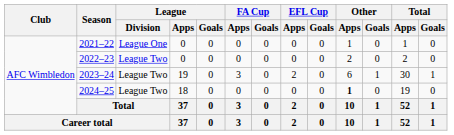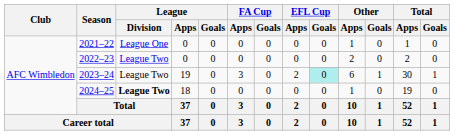 <table class="wikitable" style="text-align: center;">
 <tr>
 <th rowspan="2">Club</th>
 <th rowspan="2">Season</th>
 <th colspan="3">League</th>
 <th colspan="2"><a href='#'>FA Cup</a></th>
 <th colspan="2"><a href='#'>EFL Cup</a></th>
 <th colspan="2">Other</th>
 <th colspan="2">Total</th>
 </tr>
 <tr>
 <th>Division</th>
 <th>Apps</th>
 <th>Goals</th>
 <th>Apps</th>
 <th>Goals</th>
 <th>Apps</th>
 <th>Goals</th>
 <th>Apps</th>
 <th>Goals</th>
 <th>Apps</th>
 <th>Goals</th>
 </tr>
 <tr>
 <td rowspan="5"><a href='#'>AFC Wimbledon</a></td>
 <td><a href='#'>2021–22</a></td>
 <td><a href='#'>League One</a></td>
 <td>0</td>
 <td>0</td>
 <td>0</td>
 <td>0</td>
 <td>0</td>
 <td>0</td>
 <td>1</td>
 <td>0</td>
 <td>1</td>
 <td>0</td>
 </tr>
 <tr>
 <td><a href='#'>2022–23</a></td>
 <td><a href='#'>League Two</a></td>
 <td>0</td>
 <td>0</td>
 <td>0</td>
 <td>0</td>
 <td>0</td>
 <td>0</td>
 <td>2</td>
 <td>0</td>
 <td>2</td>
 <td>0</td>
 </tr>
 <tr>
 <td><a href='#'>2023–24</a></td>
 <td>League Two</td>
 <td>19</td>
 <td>0</td>
 <td>3</td>
 <td>0</td>
 <td>2</td>
-<td>0</td>
+<td style="background: paleturquoise;">0</td>
 <td>6</td>
 <td>1</td>
 <td>30</td>
 <td>1</td>
 </tr>
 <tr>
 <td><a href='#'>2024–25</a></td>
-<td>League Two</td>
+<td><strong>League Two</strong></td>
 <td>18</td>
 <td>0</td>
 <td>0</td>
 <td>0</td>
 <td>0</td>
 <td>0</td>
-<td><strong>1</strong></td>
+<td>1</td>
 <td>0</td>
 <td>19</td>
 <td>0</td>
 </tr>
 <tr>
 <th colspan="2">Total</th>
 <th>37</th>
 <th>0</th>
 <th>3</th>
 <th>0</th>
 <th>2</th>
 <th>0</th>
 <th>10</th>
 <th>1</th>
 <th>52</th>
 <th>1</th>
 </tr>
 <tr>
 <th colspan="3">Career total</th>
 <th>37</th>
 <th>0</th>
 <th>3</th>
 <th>0</th>
 <th>2</th>
 <th>0</th>
 <th>10</th>
 <th>1</th>
 <th>52</th>
 <th>1</th>
 </tr>
 </table>
